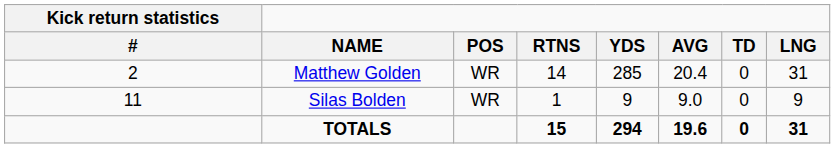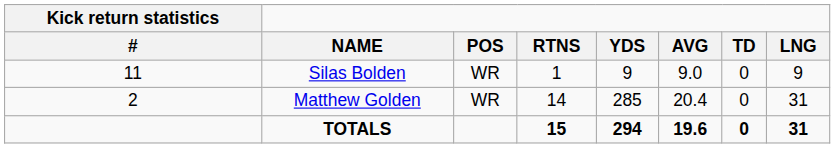 <table style="width:60%; text-align:center;" class="wikitable collapsible collapsed">
 <tr>
 <th style="text-align:center; ">Kick return statistics</th>
 </tr>
 <tr>
 <th>#</th>
 <th>NAME</th>
 <th>POS</th>
 <th>RTNS</th>
 <th>YDS</th>
 <th>AVG</th>
 <th>TD</th>
 <th>LNG</th>
 </tr>
 <tr style="text-align:center">
+<td>11</td>
+<td><a href='#'>Silas Bolden</a></td>
+<td>WR</td>
+<td>1</td>
+<td>9</td>
+<td>9.0</td>
+<td>0</td>
+<td>9</td>
+</tr>
+<tr style="text-align:center">
 <td>2</td>
 <td><a href='#'>Matthew Golden</a></td>
 <td>WR</td>
 <td>14</td>
 <td>285</td>
 <td>20.4</td>
 <td>0</td>
 <td>31</td>
-</tr>
-<tr style="text-align:center">
-<td>11</td>
-<td><a href='#'>Silas Bolden</a></td>
-<td>WR</td>
-<td>1</td>
-<td>9</td>
-<td>9.0</td>
-<td>0</td>
-<td>9</td>
 </tr>
 <tr style="text-align:center">
 <td></td>
 <td><strong>TOTALS</strong></td>
 <td></td>
 <td><strong>15</strong></td>
 <td><strong>294</strong></td>
 <td><strong>19.6</strong></td>
 <td><strong>0</strong></td>
 <td><strong>31</strong></td>
 </tr>
 </table>
